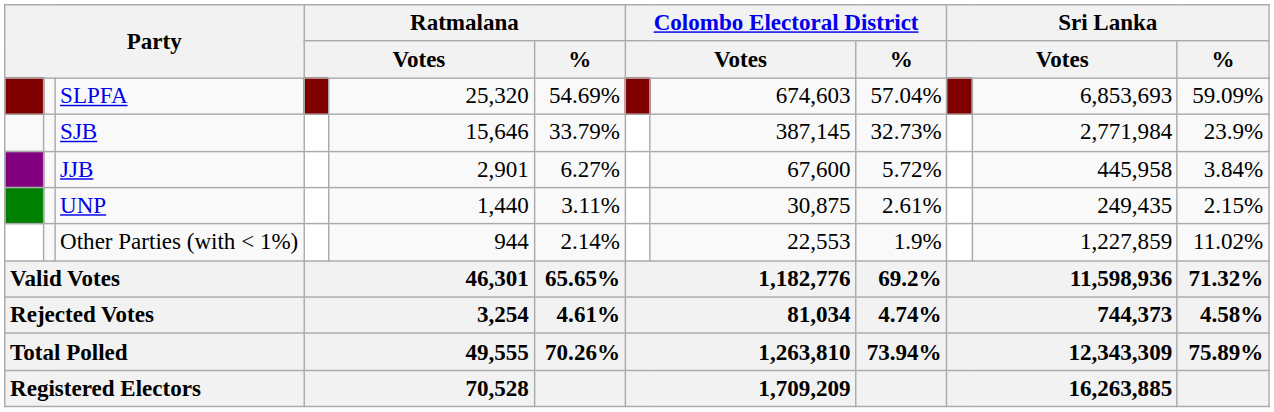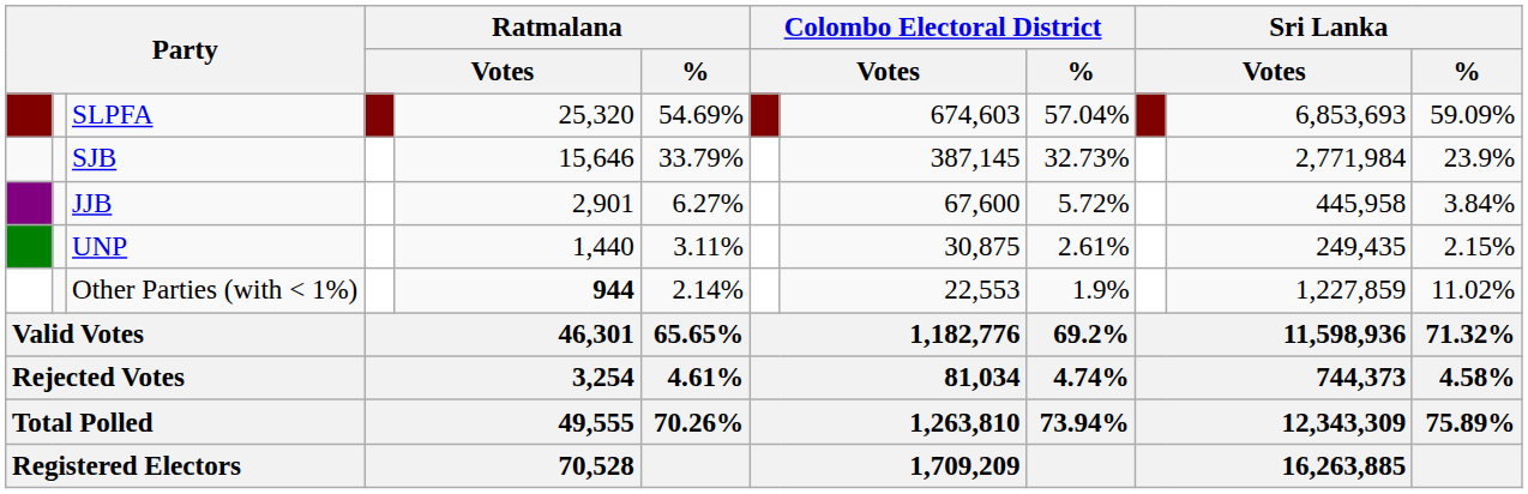 <table class="wikitable">
 <tr>
 <th colspan="3" width="144px"rowspan="2">Party</th>
 <th colspan="3" width="216px">Ratmalana</th>
 <th colspan="3" width="216px"><a href='#'>Colombo Electoral District</a></th>
 <th colspan="3" width="216px">Sri Lanka</th>
 </tr>
 <tr>
 <th colspan="2" width="144px">Votes</th>
 <th>%</th>
 <th colspan="2" width="144px">Votes</th>
 <th>%</th>
 <th colspan="2" width="144px">Votes</th>
 <th>%</th>
 </tr>
 <tr>
 <td style="background-color:maroon;" width="20px"></td>
 <td></td>
 <td style="text-align:left;"><a href='#'>SLPFA</a></td>
 <td style="background-color:maroon;" width="10px"></td>
 <td style="text-align:right;">25,320</td>
 <td style="text-align:right;">54.69%</td>
 <td style="background-color:maroon;" width="10px"></td>
 <td style="text-align:right;">674,603</td>
 <td style="text-align:right;">57.04%</td>
 <td style="background-color:maroon;" width="10px"></td>
 <td style="text-align:right;">6,853,693</td>
 <td style="text-align:right;">59.09%</td>
 </tr>
 <tr>
 <td style="background-color:"></td>
 <td></td>
 <td style="text-align:left;"><a href='#'>SJB</a></td>
 <td style="background-color:white;" width="10px"></td>
 <td style="text-align:right;">15,646</td>
 <td style="text-align:right;">33.79%</td>
 <td style="background-color:white;" width="10px"></td>
 <td style="text-align:right;">387,145</td>
 <td style="text-align:right;">32.73%</td>
 <td style="background-color:white;" width="10px"></td>
 <td style="text-align:right;">2,771,984</td>
 <td style="text-align:right;">23.9%</td>
 </tr>
 <tr>
 <td style="background-color:purple;" width="20px"></td>
 <td></td>
 <td style="text-align:left;"><a href='#'>JJB</a></td>
 <td style="background-color:white;" width="10px"></td>
 <td style="text-align:right;">2,901</td>
 <td style="text-align:right;">6.27%</td>
 <td style="background-color:white;" width="10px"></td>
 <td style="text-align:right;">67,600</td>
 <td style="text-align:right;">5.72%</td>
 <td style="background-color:white;" width="10px"></td>
 <td style="text-align:right;">445,958</td>
 <td style="text-align:right;">3.84%</td>
 </tr>
 <tr>
 <td style="background-color:green;" width="20px"></td>
 <td></td>
 <td style="text-align:left;"><a href='#'>UNP</a></td>
 <td style="background-color:white;" width="10px"></td>
 <td style="text-align:right;">1,440</td>
 <td style="text-align:right;">3.11%</td>
 <td style="background-color:white;" width="10px"></td>
 <td style="text-align:right;">30,875</td>
 <td style="text-align:right;">2.61%</td>
 <td style="background-color:white;" width="10px"></td>
 <td style="text-align:right;">249,435</td>
 <td style="text-align:right;">2.15%</td>
 </tr>
 <tr>
 <td style="background-color:white;" width="20px"></td>
 <td></td>
 <td style="text-align:left;">Other Parties (with < 1%)</td>
 <td style="background-color:white;" width="10px"></td>
-<td style="text-align:right;">944</td>
+<td style="text-align:right;"><strong>944</strong></td>
 <td style="text-align:right;">2.14%</td>
 <td style="background-color:white;" width="10px"></td>
 <td style="text-align:right;">22,553</td>
 <td style="text-align:right;">1.9%</td>
 <td style="background-color:white;" width="10px"></td>
 <td style="text-align:right;">1,227,859</td>
 <td style="text-align:right;">11.02%</td>
 </tr>
 <tr>
 <th colspan="3" width="144px"style="text-align:left;">Valid Votes</th>
 <th style="text-align:right;"colspan="2" width="144px">46,301</th>
 <th style="text-align:right;">65.65%</th>
 <th style="text-align:right;"colspan="2" width="144px">1,182,776</th>
 <th style="text-align:right;">69.2%</th>
 <th style="text-align:right;"colspan="2" width="144px">11,598,936</th>
 <th style="text-align:right;">71.32%</th>
 </tr>
 <tr>
 <th colspan="3" width="144px"style="text-align:left;">Rejected Votes</th>
 <th style="text-align:right;"colspan="2" width="144px">3,254</th>
 <th style="text-align:right;">4.61%</th>
 <th style="text-align:right;"colspan="2" width="144px">81,034</th>
 <th style="text-align:right;">4.74%</th>
 <th style="text-align:right;"colspan="2" width="144px">744,373</th>
 <th style="text-align:right;">4.58%</th>
 </tr>
 <tr>
 <th colspan="3" width="144px"style="text-align:left;">Total Polled</th>
 <th style="text-align:right;"colspan="2" width="144px">49,555</th>
 <th style="text-align:right;">70.26%</th>
 <th style="text-align:right;"colspan="2" width="144px">1,263,810</th>
 <th style="text-align:right;">73.94%</th>
 <th style="text-align:right;"colspan="2" width="144px">12,343,309</th>
 <th style="text-align:right;">75.89%</th>
 </tr>
 <tr>
 <th colspan="3" width="144px"style="text-align:left;">Registered Electors</th>
 <th style="text-align:right;"colspan="2" width="144px">70,528</th>
 <th></th>
 <th style="text-align:right;"colspan="2" width="144px">1,709,209</th>
 <th></th>
 <th style="text-align:right;"colspan="2" width="144px">16,263,885</th>
 <th></th>
 </tr>
 </table>
